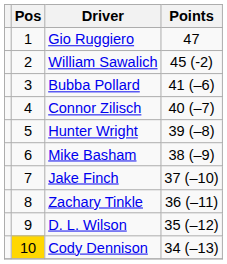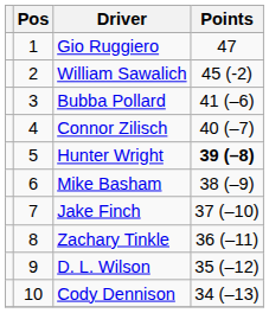 <table class="wikitable" style="font-size: 95%;">
 <tr>
 <th></th>
 <th>Pos</th>
 <th>Driver</th>
 <th>Points</th>
 </tr>
 <tr>
 <td align="left"></td>
 <td style="text-align:center;">1</td>
 <td><a href='#'>Gio Ruggiero</a></td>
 <td style="text-align:center;">47</td>
 </tr>
 <tr>
 <td align="left"></td>
 <td style="text-align:center;">2</td>
 <td><a href='#'>William Sawalich</a></td>
 <td style="text-align:center;">45 (-2)</td>
 </tr>
 <tr>
 <td align="left"></td>
 <td style="text-align:center;">3</td>
 <td><a href='#'>Bubba Pollard</a></td>
 <td style="text-align:center;">41 (–6)</td>
 </tr>
 <tr>
 <td align="left"></td>
 <td style="text-align:center;">4</td>
 <td><a href='#'>Connor Zilisch</a></td>
 <td style="text-align:center;">40 (–7)</td>
 </tr>
 <tr>
 <td align="left"></td>
 <td style="text-align:center;">5</td>
 <td><a href='#'>Hunter Wright</a></td>
-<td style="text-align:center;">39 (–8)</td>
+<td style="text-align:center;"><strong>39 (–8)</strong></td>
 </tr>
 <tr>
 <td align="left"></td>
 <td style="text-align:center;">6</td>
 <td><a href='#'>Mike Basham</a></td>
 <td style="text-align:center;">38 (–9)</td>
 </tr>
 <tr>
 <td align="left"></td>
 <td style="text-align:center;">7</td>
 <td><a href='#'>Jake Finch</a></td>
 <td style="text-align:center;">37 (–10)</td>
 </tr>
 <tr>
 <td align="left"></td>
 <td style="text-align:center;">8</td>
 <td><a href='#'>Zachary Tinkle</a></td>
 <td style="text-align:center;">36 (–11)</td>
 </tr>
 <tr>
 <td align="left"></td>
 <td style="text-align:center;">9</td>
 <td><a href='#'>D. L. Wilson</a></td>
 <td style="text-align:center;">35 (–12)</td>
 </tr>
 <tr>
 <td align="left"></td>
-<td style="background: gold; text-align:center;">10</td>
+<td style="text-align:center;">10</td>
 <td><a href='#'>Cody Dennison</a></td>
 <td style="text-align:center;">34 (–13)</td>
 </tr>
 <tr class="sortbottom">
 </tr>
 </table>
